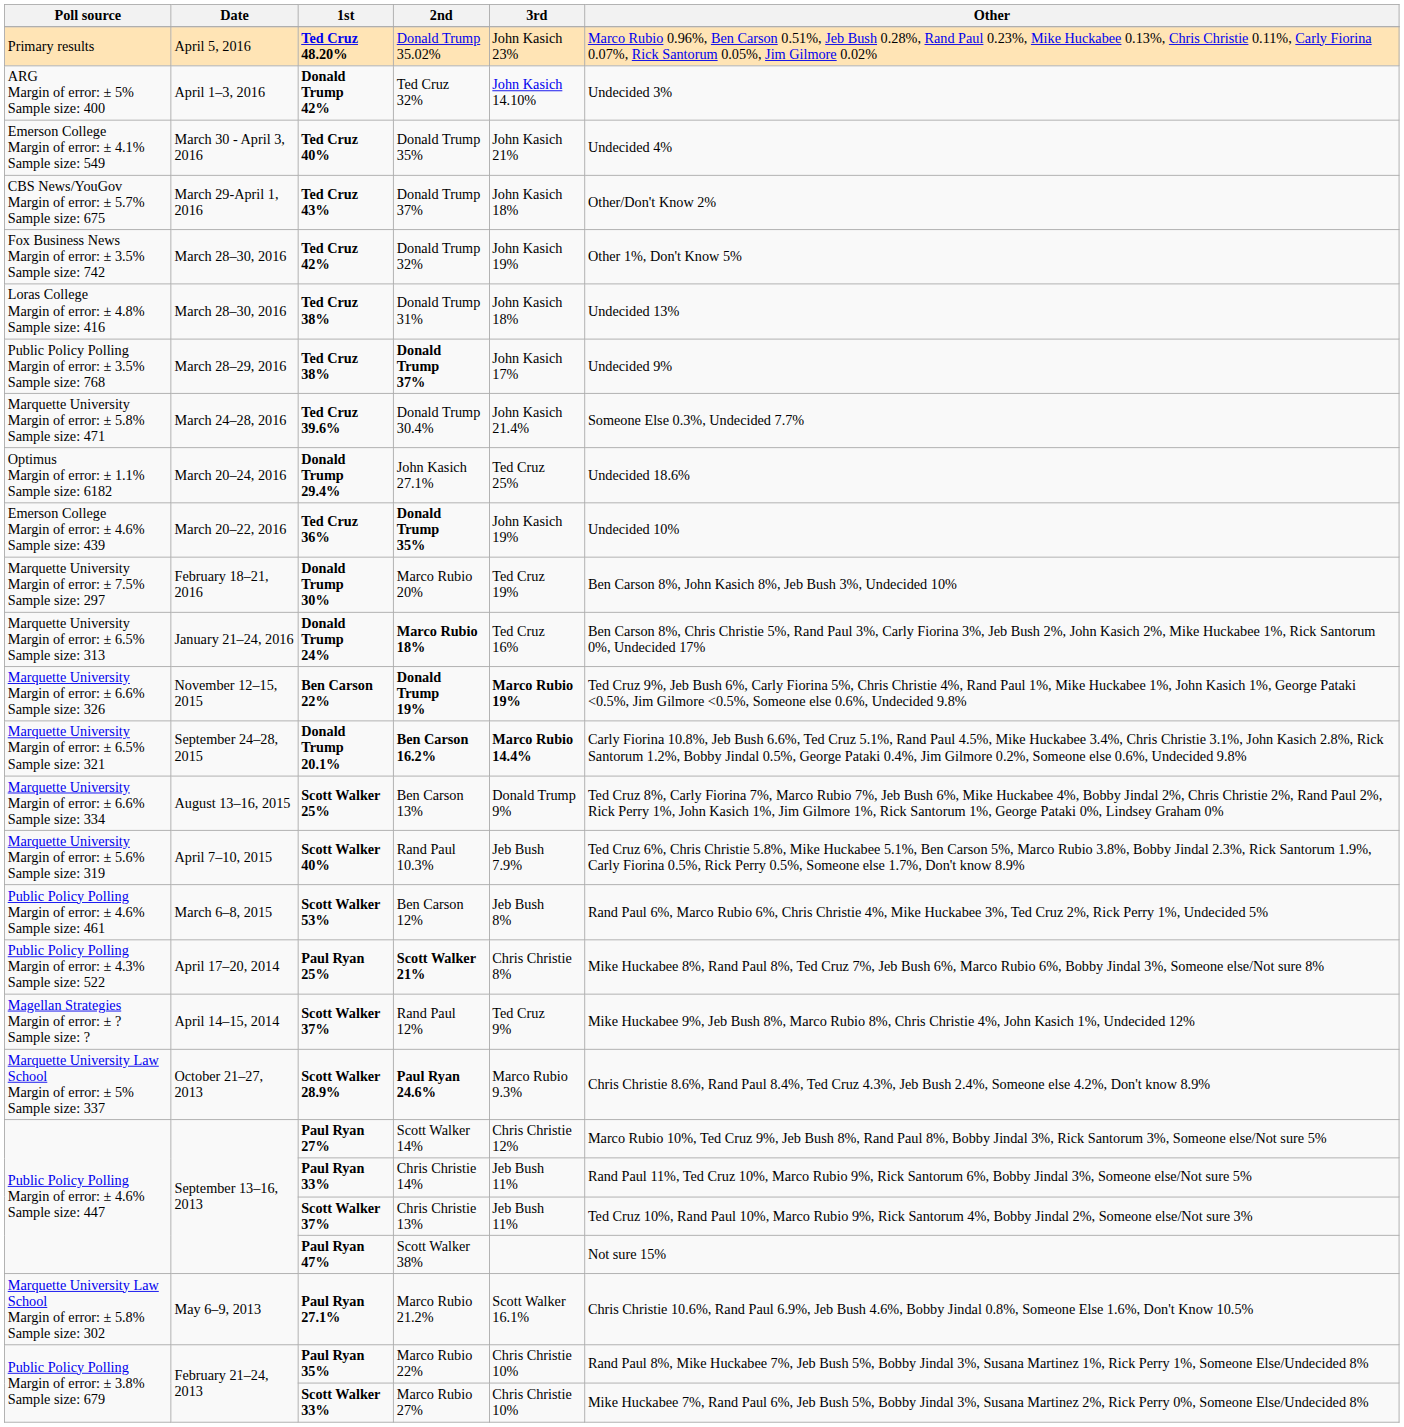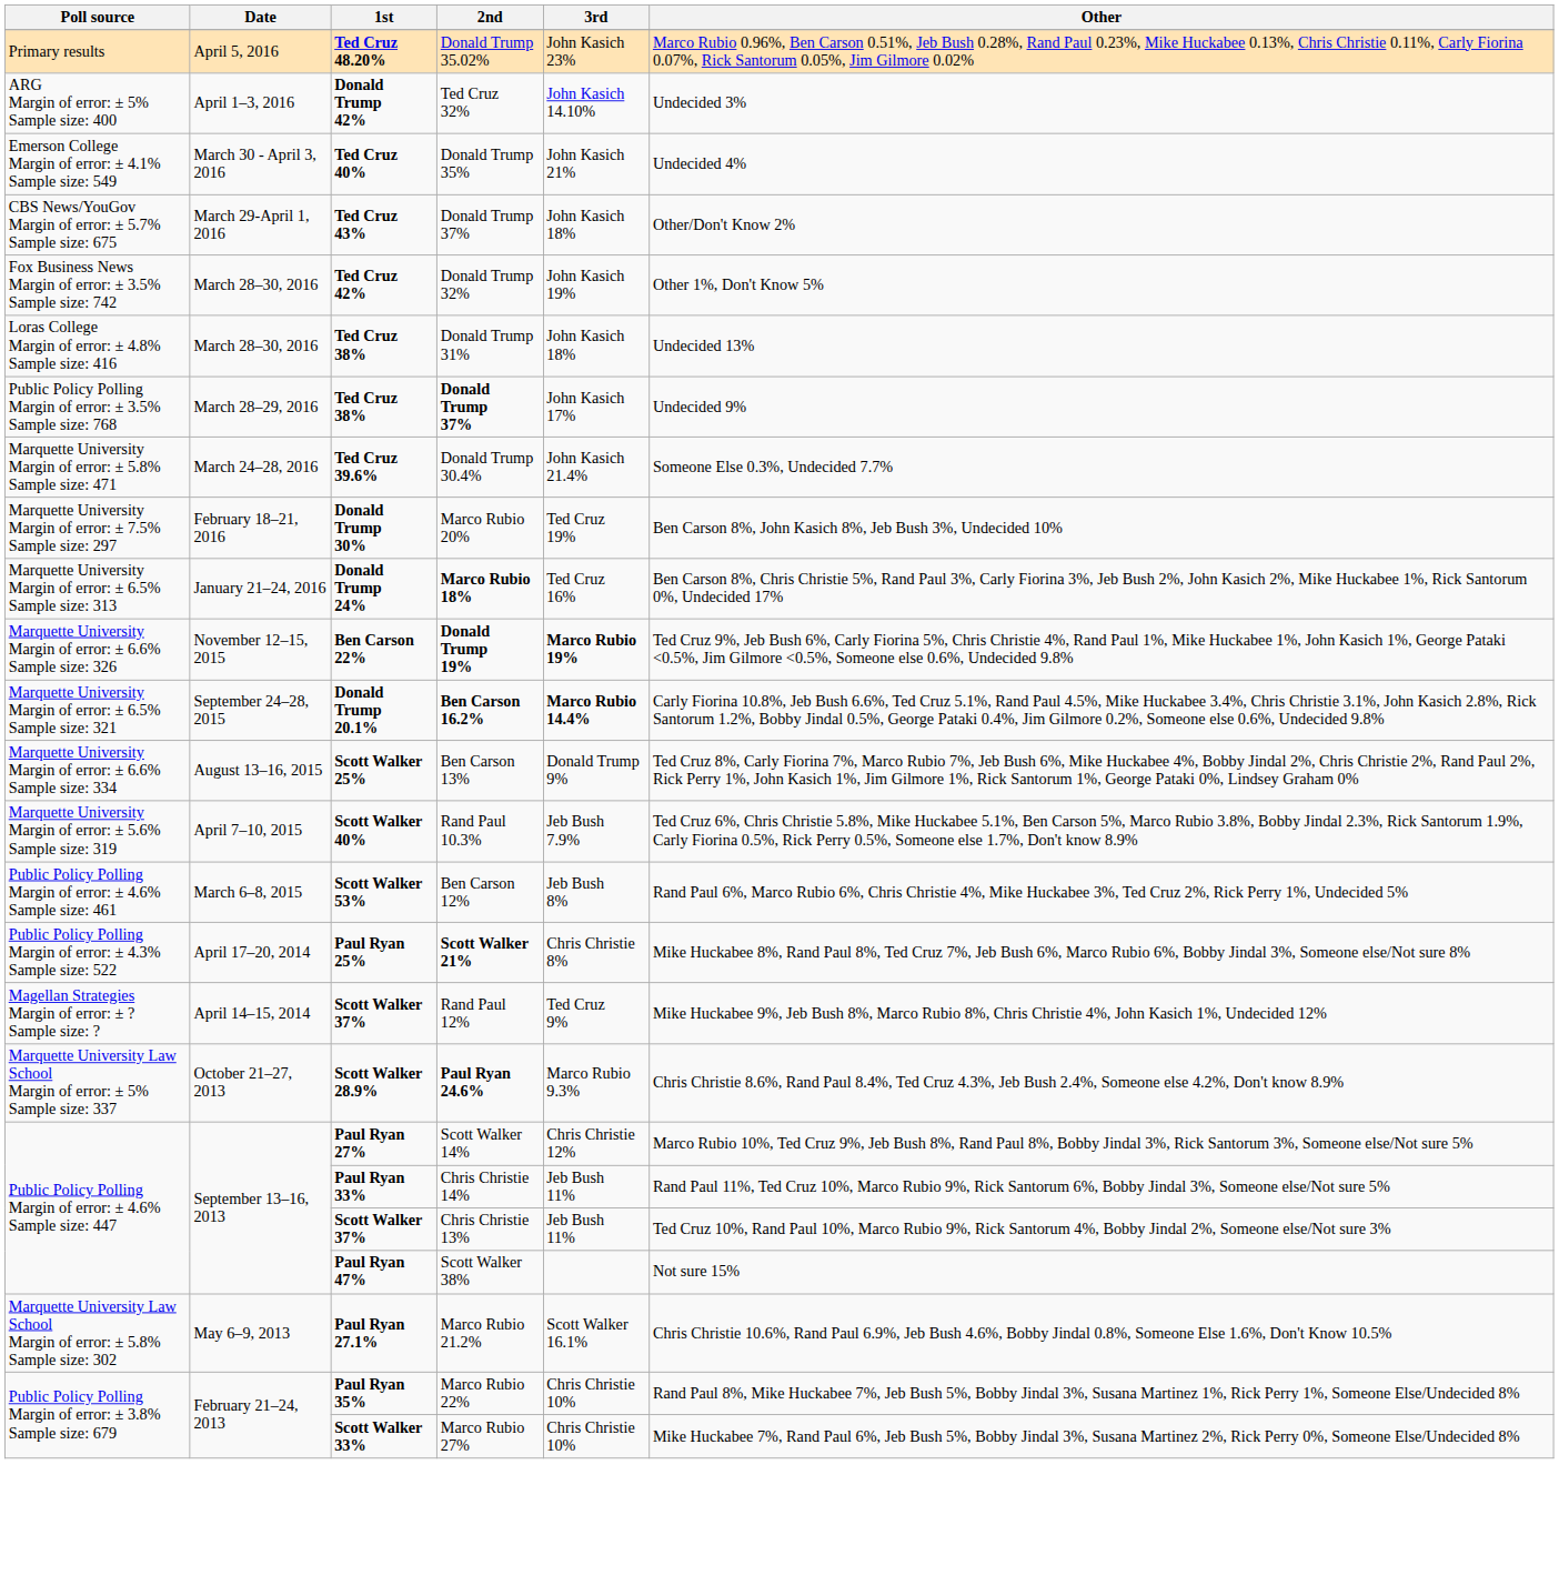 <table class="wikitable">
 <tr>
 <th style="width:180px;">Poll source</th>
 <th style="width:135px;">Date</th>
 <th style="width:100px;">1st</th>
 <th style="width:100px;">2nd</th>
 <th style="width:100px;">3rd</th>
 <th>Other</th>
 </tr>
 <tr>
 </tr>
 <tr style="background:Moccasin;">
 <td>Primary results</td>
 <td>April 5, 2016</td>
 <td><strong><a href='#'>Ted Cruz</a><br>48.20%</strong></td>
 <td><a href='#'>Donald Trump</a><br>35.02%</td>
 <td>John Kasich 23%</td>
 <td><a href='#'>Marco Rubio</a> 0.96%, <a href='#'>Ben Carson</a> 0.51%, <a href='#'>Jeb Bush</a> 0.28%, <a href='#'>Rand Paul</a> 0.23%, <a href='#'>Mike Huckabee</a> 0.13%, <a href='#'>Chris Christie</a> 0.11%, <a href='#'>Carly Fiorina</a> 0.07%, <a href='#'>Rick Santorum</a> 0.05%, <a href='#'>Jim Gilmore</a> 0.02%</td>
 </tr>
 <tr>
 <td>ARG<br>Margin of error: ± 5% Sample size: 400</td>
 <td>April 1–3, 2016</td>
 <td><strong>Donald Trump<br>42%</strong></td>
 <td>Ted Cruz<br>32%</td>
 <td><a href='#'>John Kasich</a><br>14.10%</td>
 <td>Undecided 3%</td>
 </tr>
 <tr>
 <td>Emerson College<br>Margin of error: ± 4.1% Sample size: 549</td>
 <td>March 30 - April 3, 2016</td>
 <td><strong>Ted Cruz<br>40%</strong></td>
 <td>Donald Trump<br>35%</td>
 <td>John Kasich<br>21%</td>
 <td>Undecided 4%</td>
 </tr>
 <tr>
 <td>CBS News/YouGov<br>Margin of error: ± 5.7% Sample size: 675</td>
 <td>March 29-April 1, 2016</td>
 <td><strong>Ted Cruz<br>43%</strong></td>
 <td>Donald Trump<br>37%</td>
 <td>John Kasich<br>18%</td>
 <td>Other/Don't Know 2%</td>
 </tr>
 <tr>
 <td>Fox Business News<br>Margin of error: ± 3.5% Sample size: 742</td>
 <td>March 28–30, 2016</td>
 <td><strong>Ted Cruz<br>42%</strong></td>
 <td>Donald Trump<br>32%</td>
 <td>John Kasich<br>19%</td>
 <td>Other 1%, Don't Know 5%</td>
 </tr>
 <tr>
 <td>Loras College<br>Margin of error: ± 4.8% Sample size: 416</td>
 <td>March 28–30, 2016</td>
 <td><strong>Ted Cruz<br>38%</strong></td>
 <td>Donald Trump<br>31%</td>
 <td>John Kasich<br>18%</td>
 <td>Undecided 13%</td>
 </tr>
 <tr>
 <td>Public Policy Polling<br>Margin of error: ± 3.5% Sample size: 768</td>
 <td>March 28–29, 2016</td>
 <td><strong>Ted Cruz<br>38%</strong></td>
 <td><strong>Donald Trump<br>37%</strong></td>
 <td>John Kasich<br>17%</td>
 <td>Undecided 9%</td>
 </tr>
 <tr>
 <td>Marquette University<br>Margin of error: ± 5.8% Sample size: 471</td>
 <td>March 24–28, 2016</td>
 <td><strong>Ted Cruz<br>39.6%</strong></td>
 <td>Donald Trump<br>30.4%</td>
 <td>John Kasich<br>21.4%</td>
 <td>Someone Else 0.3%, Undecided 7.7%</td>
-</tr>
-<tr>
-<td>Optimus<br>Margin of error: ± 1.1% Sample size: 6182</td>
-<td>March 20–24, 2016</td>
-<td><strong>Donald Trump<br>29.4%</strong></td>
-<td>John Kasich<br>27.1%</td>
-<td>Ted Cruz<br>25%</td>
-<td>Undecided 18.6%</td>
-</tr>
-<tr>
-<td>Emerson College<br>Margin of error: ± 4.6% Sample size: 439</td>
-<td>March 20–22, 2016</td>
-<td><strong>Ted Cruz<br>36%</strong></td>
-<td><strong>Donald Trump<br>35%</strong></td>
-<td>John Kasich<br>19%</td>
-<td>Undecided 10%</td>
 </tr>
 <tr>
 <td>Marquette University<br>Margin of error: ± 7.5% Sample size: 297</td>
 <td>February 18–21, 2016</td>
 <td><strong>Donald Trump<br>30%</strong></td>
 <td>Marco Rubio<br>20%</td>
 <td>Ted Cruz<br>19%</td>
 <td>Ben Carson 8%, John Kasich 8%, Jeb Bush 3%, Undecided 10%</td>
 </tr>
 <tr>
 <td>Marquette University<br>Margin of error: ± 6.5% Sample size: 313</td>
 <td>January 21–24, 2016</td>
 <td><strong>Donald Trump<br>24%</strong></td>
 <td><strong>Marco Rubio<br>18%</strong></td>
 <td>Ted Cruz<br>16%</td>
 <td>Ben Carson 8%, Chris Christie 5%, Rand Paul 3%, Carly Fiorina 3%, Jeb Bush 2%, John Kasich 2%, Mike Huckabee 1%, Rick Santorum 0%, Undecided 17%</td>
 </tr>
 <tr>
 <td><a href='#'>Marquette University</a><br>Margin of error: ± 6.6% <br>Sample size: 326</td>
 <td>November 12–15, 2015</td>
 <td><strong>Ben Carson<br>22%</strong></td>
 <td><strong>Donald Trump<br>19%</strong></td>
 <td><strong>Marco Rubio<br>19%</strong></td>
 <td>Ted Cruz 9%, Jeb Bush 6%, Carly Fiorina 5%, Chris Christie 4%, Rand Paul 1%, Mike Huckabee 1%, John Kasich 1%,  George Pataki <0.5%, Jim Gilmore <0.5%, Someone else 0.6%, Undecided 9.8%</td>
 </tr>
 <tr>
 <td><a href='#'>Marquette University</a><br>Margin of error: ± 6.5% <br>Sample size: 321</td>
 <td>September 24–28, 2015</td>
 <td><strong>Donald Trump<br>20.1%</strong></td>
 <td><strong>Ben Carson<br>16.2%</strong></td>
 <td><strong>Marco Rubio<br>14.4%</strong></td>
 <td>Carly Fiorina 10.8%, Jeb Bush 6.6%, Ted Cruz 5.1%, Rand Paul 4.5%, Mike Huckabee 3.4%, Chris Christie 3.1%, John Kasich 2.8%, Rick Santorum 1.2%, Bobby Jindal 0.5%, George Pataki 0.4%, Jim Gilmore 0.2%, Someone else 0.6%, Undecided 9.8%</td>
 </tr>
 <tr>
 <td><a href='#'>Marquette University</a><br>Margin of error: ± 6.6% <br>Sample size: 334</td>
 <td>August 13–16, 2015</td>
 <td><strong>Scott Walker<br>25%</strong></td>
 <td>Ben Carson<br>13%</td>
 <td>Donald Trump<br>9%</td>
 <td>Ted Cruz 8%, Carly Fiorina  7%, Marco Rubio 7%, Jeb Bush 6%, Mike Huckabee 4%, Bobby Jindal 2%, Chris Christie 2%, Rand Paul 2%, Rick Perry 1%, John Kasich 1%, Jim Gilmore 1%, Rick Santorum 1%, George Pataki 0%, Lindsey Graham 0%</td>
 </tr>
 <tr>
 <td><a href='#'>Marquette University</a><br>Margin of error: ± 5.6% <br>Sample size: 319</td>
 <td>April 7–10, 2015</td>
 <td><strong>Scott Walker<br>40%</strong></td>
 <td>Rand Paul<br>10.3%</td>
 <td>Jeb Bush<br>7.9%</td>
 <td>Ted Cruz 6%, Chris Christie 5.8%, Mike Huckabee 5.1%, Ben Carson 5%, Marco Rubio 3.8%, Bobby Jindal 2.3%, Rick Santorum 1.9%, Carly Fiorina 0.5%, Rick Perry 0.5%, Someone else 1.7%, Don't know 8.9%</td>
 </tr>
 <tr>
 <td><a href='#'>Public Policy Polling</a><br>Margin of error: ± 4.6% <br>Sample size: 461</td>
 <td>March 6–8, 2015</td>
 <td><strong>Scott Walker<br>53%</strong></td>
 <td>Ben Carson<br>12%</td>
 <td>Jeb Bush<br>8%</td>
 <td>Rand Paul 6%, Marco Rubio 6%, Chris Christie 4%, Mike Huckabee 3%, Ted Cruz 2%, Rick Perry 1%, Undecided 5%</td>
 </tr>
 <tr>
 <td><a href='#'>Public Policy Polling</a><br>Margin of error: ± 4.3% <br>Sample size: 522</td>
 <td>April 17–20, 2014</td>
 <td><strong>Paul Ryan<br>25%</strong></td>
 <td><strong>Scott Walker<br>21%</strong></td>
 <td>Chris Christie<br>8%</td>
 <td>Mike Huckabee 8%, Rand Paul 8%, Ted Cruz 7%, Jeb Bush 6%, Marco Rubio 6%, Bobby Jindal 3%, Someone else/Not sure 8%</td>
 </tr>
 <tr>
 <td><a href='#'>Magellan Strategies</a><br>Margin of error: ± ? <br>Sample size: ?</td>
 <td>April 14–15, 2014</td>
 <td><strong>Scott Walker<br>37%</strong></td>
 <td>Rand Paul<br>12%</td>
 <td>Ted Cruz<br>9%</td>
 <td>Mike Huckabee 9%, Jeb Bush 8%, Marco Rubio 8%, Chris Christie 4%, John Kasich 1%, Undecided 12%</td>
 </tr>
 <tr>
 <td><a href='#'>Marquette University Law School</a><br>Margin of error: ± 5% <br>Sample size: 337</td>
 <td>October 21–27, 2013</td>
 <td><strong>Scott Walker<br>28.9%</strong></td>
 <td><strong>Paul Ryan<br>24.6%</strong></td>
 <td>Marco Rubio<br>9.3%</td>
 <td>Chris Christie 8.6%, Rand Paul 8.4%, Ted Cruz 4.3%, Jeb Bush 2.4%, Someone else 4.2%, Don't know 8.9%</td>
 </tr>
 <tr>
 <td rowspan=4><a href='#'>Public Policy Polling</a><br>Margin of error: ± 4.6% <br>Sample size: 447</td>
 <td rowspan=4>September 13–16, 2013</td>
 <td><strong>Paul Ryan<br>27%</strong></td>
 <td>Scott Walker<br>14%</td>
 <td>Chris Christie<br>12%</td>
 <td>Marco Rubio 10%, Ted Cruz 9%, Jeb Bush 8%, Rand Paul 8%, Bobby Jindal 3%, Rick Santorum 3%, Someone else/Not sure 5%</td>
 </tr>
 <tr>
 <td><strong>Paul Ryan<br>33%</strong></td>
 <td>Chris Christie<br>14%</td>
 <td>Jeb Bush<br>11%</td>
 <td>Rand Paul 11%, Ted Cruz 10%, Marco Rubio 9%, Rick Santorum 6%, Bobby Jindal 3%, Someone else/Not sure 5%</td>
 </tr>
 <tr>
 <td><strong>Scott Walker<br>37%</strong></td>
 <td>Chris Christie<br>13%</td>
 <td>Jeb Bush<br>11%</td>
 <td>Ted Cruz 10%, Rand Paul 10%, Marco Rubio 9%, Rick Santorum 4%, Bobby Jindal 2%, Someone else/Not sure 3%</td>
 </tr>
 <tr>
 <td><strong>Paul Ryan<br>47%</strong></td>
 <td>Scott Walker<br>38%</td>
 <td></td>
 <td>Not sure 15%</td>
 </tr>
 <tr>
 <td><a href='#'>Marquette University Law School</a><br>Margin of error: ± 5.8% <br>Sample size: 302</td>
 <td>May 6–9, 2013</td>
 <td><strong>Paul Ryan<br>27.1%</strong></td>
 <td>Marco Rubio<br>21.2%</td>
 <td>Scott Walker<br>16.1%</td>
 <td>Chris Christie 10.6%, Rand Paul 6.9%, Jeb Bush 4.6%, Bobby Jindal 0.8%, Someone Else 1.6%, Don't Know 10.5%</td>
 </tr>
 <tr>
 <td rowspan=2><a href='#'>Public Policy Polling</a><br>Margin of error: ± 3.8% <br>Sample size: 679</td>
 <td rowspan=2>February 21–24, 2013</td>
 <td><strong>Paul Ryan<br>35%</strong></td>
 <td>Marco Rubio<br>22%</td>
 <td>Chris Christie<br>10%</td>
 <td>Rand Paul 8%, Mike Huckabee 7%, Jeb Bush 5%, Bobby Jindal 3%, Susana Martinez 1%, Rick Perry 1%, Someone Else/Undecided 8%</td>
 </tr>
 <tr>
 <td><strong>Scott Walker<br>33%</strong></td>
 <td>Marco Rubio<br>27%</td>
 <td>Chris Christie<br>10%</td>
 <td>Mike Huckabee 7%, Rand Paul 6%, Jeb Bush 5%, Bobby Jindal 3%, Susana Martinez 2%, Rick Perry 0%, Someone Else/Undecided 8%</td>
 </tr>
 </table>
